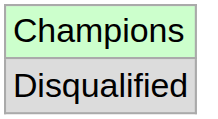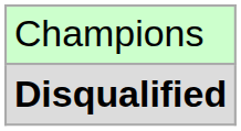 <table class="wikitable">
 <tr width=30px bgcolor="#ccffcc">
 <td>Champions</td>
 </tr>
 <tr width=10px bgcolor="#DCDCDC">
-<td>Disqualified</td>
+<td><strong>Disqualified</strong></td>
 </tr>
 </table>
